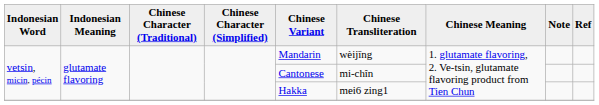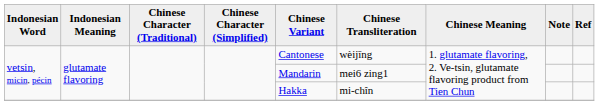 <table class="wikitable">
 <tr>
 <th style="background:#efefef;">Indonesian <br>Word</th>
 <th style="background:#efefef;">Indonesian <br>Meaning</th>
 <th style="background:#efefef;">Chinese Character <br><a href='#'>(Traditional)</a></th>
 <th style="background:#efefef;">Chinese Character <br><a href='#'>(Simplified)</a></th>
 <th style="background:#efefef;">Chinese <a href='#'>Variant</a></th>
 <th style="background:#efefef;">Chinese Transliteration</th>
 <th style="background:#efefef;">Chinese Meaning</th>
 <th style="background:#efefef;">Note</th>
 <th style="background:#efefef;">Ref</th>
 </tr>
 <tr>
 <td rowspan="3"><a href='#'>vetsin</a>, <br><small><a href='#'>micin</a>, </small> <small><a href='#'>pécin</a></small></td>
 <td rowspan="3"><a href='#'>glutamate flavoring</a></td>
 <td rowspan="3"></td>
 <td rowspan="3"></td>
-<td><a href='#'>Mandarin</a></td>
+<td><a href='#'>Cantonese</a></td>
 <td>wèijīng</td>
 <td rowspan="3">1. <a href='#'>glutamate flavoring</a>, <br>2. Ve-tsin, glutamate flavoring product from <a href='#'>Tien Chun</a></td>
 <td></td>
 <td></td>
 </tr>
 <tr>
-<td><a href='#'>Cantonese</a></td>
-<td>mi-chîn</td>
+<td><a href='#'>Mandarin</a></td>
+<td>mei6 zing1</td>
 <td></td>
 <td></td>
 </tr>
 <tr>
 <td><a href='#'>Hakka</a></td>
-<td>mei6 zing1</td>
+<td>mi-chîn</td>
 <td></td>
 <td></td>
 </tr>
 <tr>
 </tr>
 </table>
